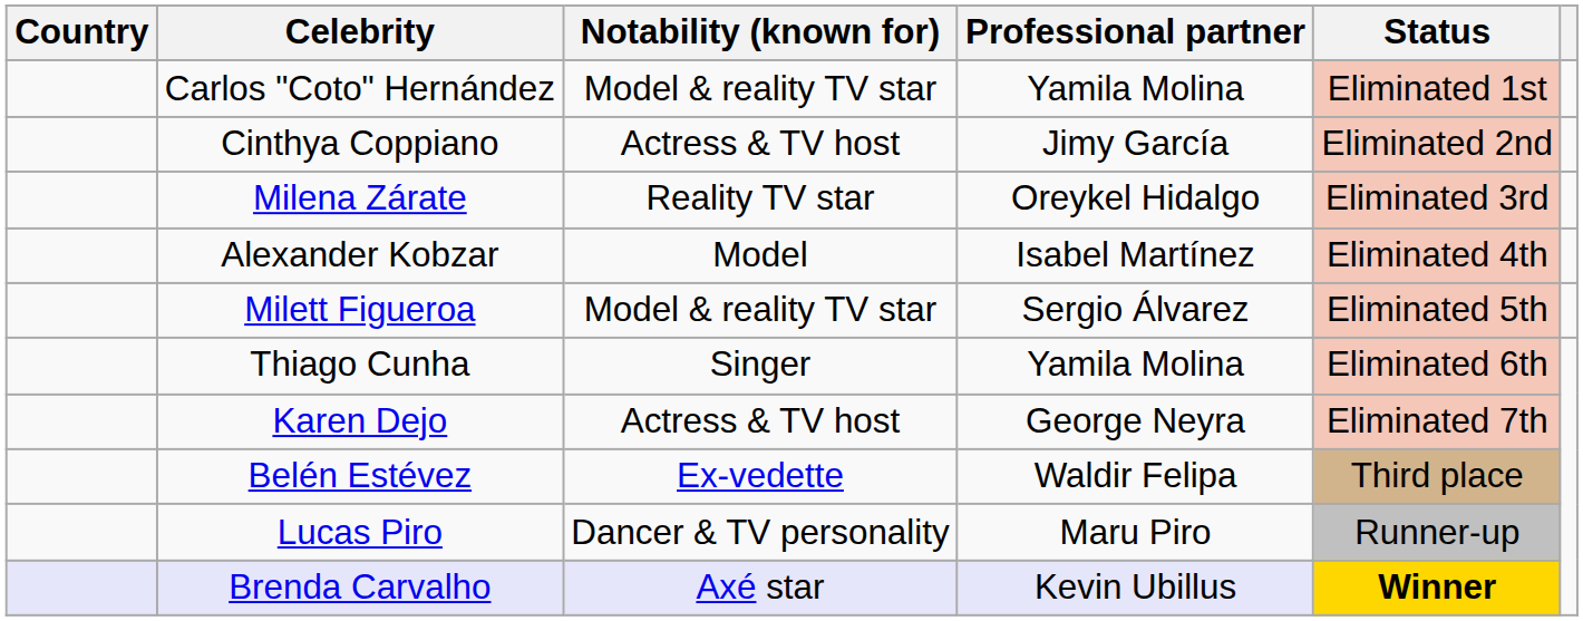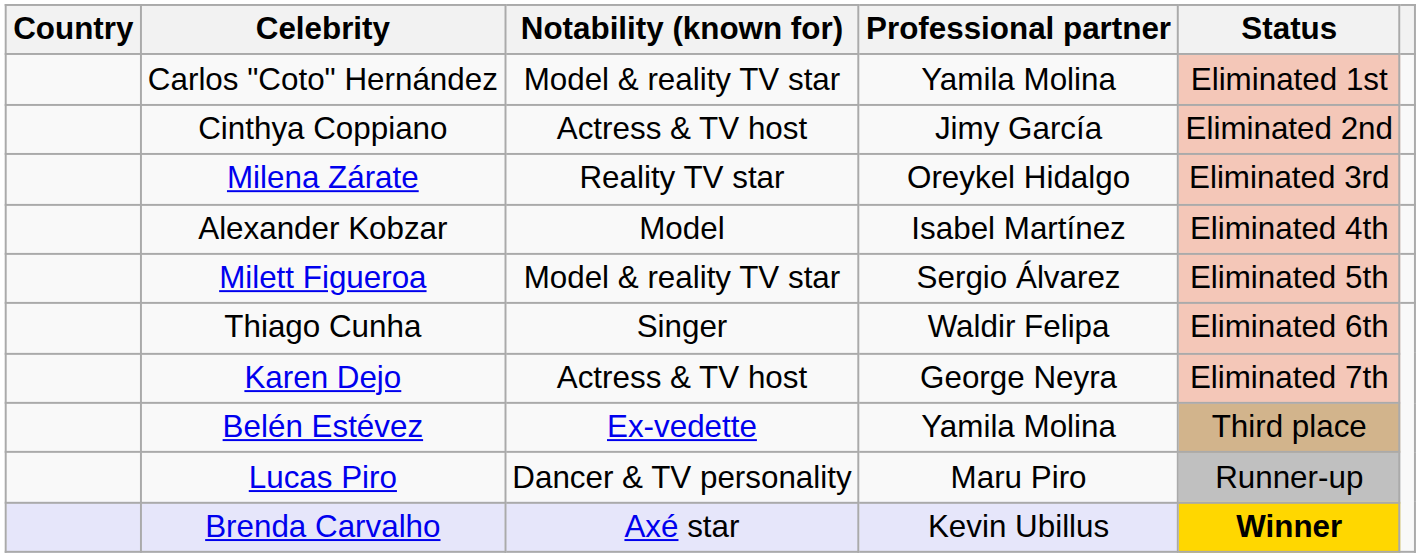 <table class= "wikitable sortable" style="text-align: center; margin:auto; align: center">
 <tr>
 <th>Country</th>
 <th>Celebrity</th>
 <th>Notability (known for)</th>
 <th>Professional partner</th>
 <th>Status</th>
 <th class="unsortable"></th>
 </tr>
 <tr>
 <td></td>
 <td>Carlos "Coto" Hernández</td>
 <td>Model & reality TV star</td>
 <td>Yamila Molina</td>
 <td style="background:#f4c7b8;">Eliminated 1st<br></td>
 <td></td>
 </tr>
 <tr>
 <td></td>
 <td>Cinthya Coppiano</td>
 <td>Actress & TV host</td>
 <td>Jimy García</td>
 <td style="background:#f4c7b8;">Eliminated 2nd<br></td>
 <td></td>
 </tr>
 <tr>
 <td></td>
 <td><a href='#'>Milena Zárate</a></td>
 <td>Reality TV star</td>
 <td>Oreykel Hidalgo</td>
 <td style="background:#f4c7b8;">Eliminated 3rd<br></td>
 <td></td>
 </tr>
 <tr>
 <td></td>
 <td>Alexander Kobzar</td>
 <td>Model</td>
 <td>Isabel Martínez</td>
 <td style="background:#f4c7b8;">Eliminated 4th<br></td>
 <td></td>
 </tr>
 <tr>
 <td></td>
 <td><a href='#'>Milett Figueroa</a></td>
 <td>Model & reality TV star</td>
 <td>Sergio Álvarez<br></td>
 <td style="background:#f4c7b8;">Eliminated 5th<br></td>
 <td></td>
 </tr>
 <tr>
 <td></td>
 <td>Thiago Cunha</td>
 <td>Singer</td>
-<td>Yamila Molina</td>
+<td>Waldir Felipa<br></td>
 <td style="background:#f4c7b8;">Eliminated 6th<br></td>
 <td rowspan=5></td>
 </tr>
 <tr>
 <td></td>
 <td><a href='#'>Karen Dejo</a></td>
 <td>Actress & TV host</td>
 <td>George Neyra</td>
 <td style="background:#f4c7b8;">Eliminated 7th<br></td>
 </tr>
 <tr>
 <td></td>
 <td><a href='#'>Belén Estévez</a></td>
 <td><a href='#'>Ex-vedette</a></td>
-<td>Waldir Felipa<br></td>
+<td>Yamila Molina</td>
 <td style="background:tan;">Third place<br></td>
 </tr>
 <tr>
 <td></td>
 <td><a href='#'>Lucas Piro</a></td>
 <td>Dancer & TV personality</td>
 <td>Maru Piro</td>
 <td style="background:silver;">Runner-up<br></td>
 </tr>
 <tr>
 <td style="background:lavender;"></td>
 <td style="background:lavender;"><a href='#'>Brenda Carvalho</a></td>
 <td style="background:lavender;"><a href='#'>Axé</a> star</td>
 <td style="background:lavender;">Kevin Ubillus</td>
 <td style="background:gold;"><strong>Winner</strong><br></td>
 </tr>
 </table>
